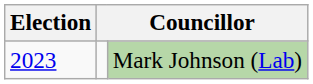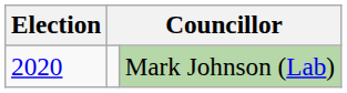 <table class="wikitable">
 <tr>
 <th>Election</th>
 <th colspan="2">Councillor</th>
 </tr>
 <tr>
-<td><a href='#'>2023</a></td>
+<td><a href='#'>2020</a></td>
 <td style="background-color: "></td>
 <td bgcolor="#B6D7A8">Mark Johnson (<a href='#'>Lab</a>)</td>
 </tr>
 </table>
